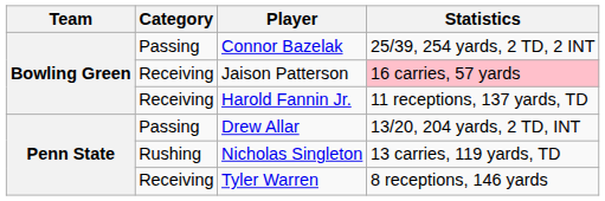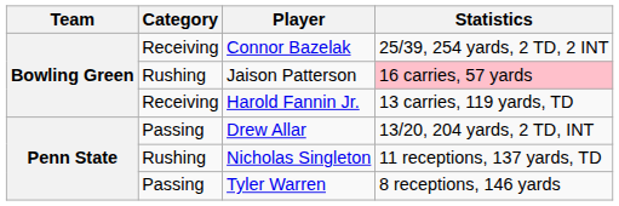 <table class="wikitable" style="float:right">
 <tr>
 <th>Team</th>
 <th>Category</th>
 <th>Player</th>
 <th>Statistics</th>
 </tr>
 <tr>
 <th rowspan=3>Bowling Green</th>
-<td>Passing</td>
+<td>Receiving</td>
 <td><a href='#'>Connor Bazelak</a></td>
 <td>25/39, 254 yards, 2 TD, 2 INT</td>
 </tr>
 <tr>
-<td>Receiving</td>
+<td>Rushing</td>
 <td>Jaison Patterson</td>
 <td style="background: pink;">16 carries, 57 yards</td>
 </tr>
 <tr>
 <td>Receiving</td>
 <td><a href='#'>Harold Fannin Jr.</a></td>
-<td>11 receptions, 137 yards, TD</td>
+<td>13 carries, 119 yards, TD</td>
 </tr>
 <tr>
 <th rowspan=3>Penn State</th>
 <td>Passing</td>
 <td><a href='#'>Drew Allar</a></td>
 <td>13/20, 204 yards, 2 TD, INT</td>
 </tr>
 <tr>
 <td>Rushing</td>
 <td><a href='#'>Nicholas Singleton</a></td>
-<td>13 carries, 119 yards, TD</td>
+<td>11 receptions, 137 yards, TD</td>
 </tr>
 <tr>
-<td>Receiving</td>
+<td>Passing</td>
 <td><a href='#'>Tyler Warren</a></td>
 <td>8 receptions, 146 yards</td>
 </tr>
 </table>
